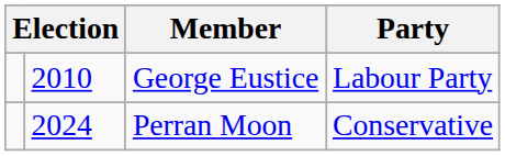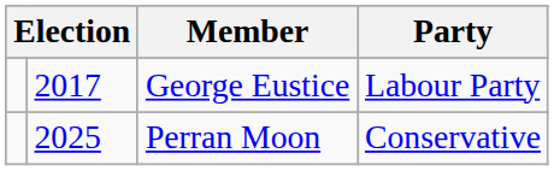 <table class="wikitable">
 <tr>
 <th colspan="2">Election</th>
 <th>Member</th>
 <th>Party</th>
 </tr>
 <tr>
 <td style="color:inherit;background-color: "></td>
-<td><a href='#'>2010</a></td>
+<td><a href='#'>2017</a></td>
 <td><a href='#'>George Eustice</a></td>
 <td><a href='#'>Labour Party</a></td>
 </tr>
 <tr>
 <td style="color:inherit;background-color: "></td>
-<td><a href='#'>2024</a></td>
+<td><a href='#'>2025</a></td>
 <td><a href='#'>Perran Moon</a></td>
 <td><a href='#'>Conservative</a></td>
 </tr>
 </table>
